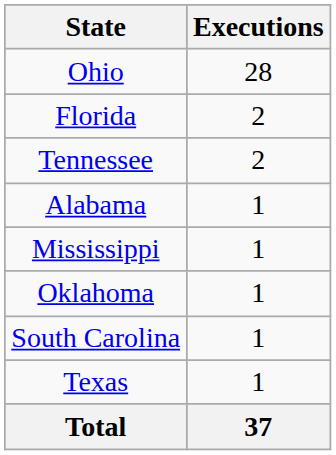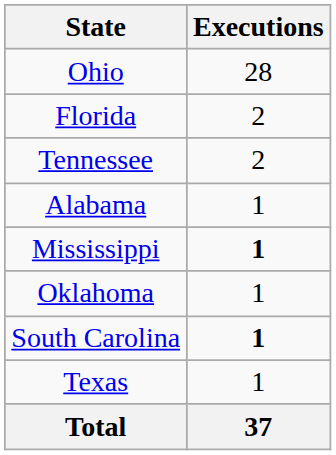 <table class="wikitable sortable" style="text-align:center;">
 <tr>
 <th scope="col">State</th>
 <th scope="col">Executions</th>
 </tr>
 <tr>
 <td><a href='#'>Ohio</a></td>
 <td>28</td>
 </tr>
 <tr>
 <td><a href='#'>Florida</a></td>
 <td>2</td>
 </tr>
 <tr>
 <td><a href='#'>Tennessee</a></td>
 <td>2</td>
 </tr>
 <tr>
 <td><a href='#'>Alabama</a></td>
 <td>1</td>
 </tr>
 <tr>
 <td><a href='#'>Mississippi</a></td>
-<td>1</td>
+<td><strong>1</strong></td>
 </tr>
 <tr>
 <td><a href='#'>Oklahoma</a></td>
 <td>1</td>
 </tr>
 <tr>
 <td><a href='#'>South Carolina</a></td>
-<td>1</td>
+<td><strong>1</strong></td>
 </tr>
 <tr>
 <td><a href='#'>Texas</a></td>
 <td>1</td>
 </tr>
 <tr>
 <th>Total</th>
 <th>37</th>
 </tr>
 </table>
